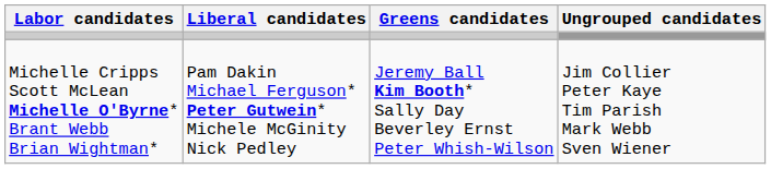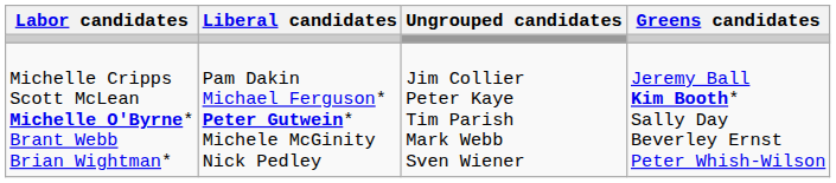 <table class="wikitable">
 <tr>
 <th><a href='#'>Labor</a> candidates</th>
 <th><a href='#'>Liberal</a> candidates</th>
+<th>Ungrouped candidates</th>
 <th><a href='#'>Greens</a> candidates</th>
-<th>Ungrouped candidates</th>
 </tr>
 <tr bgcolor="#cccccc">
 <td></td>
 <td></td>
+<td bgcolor="#999999"></td>
 <td></td>
-<td bgcolor="#999999"></td>
 </tr>
 <tr>
 <td><br>Michelle Cripps<br> Scott McLean<br> <strong><a href='#'>Michelle O'Byrne</a></strong>*<br> <a href='#'>Brant Webb</a><br> <a href='#'>Brian Wightman</a>*</td>
 <td><br>Pam Dakin<br> <a href='#'>Michael Ferguson</a>*<br> <strong><a href='#'>Peter Gutwein</a></strong>*<br> Michele McGinity<br> Nick Pedley</td>
+<td valign=top><br>Jim Collier<br> Peter Kaye<br> Tim Parish<br> Mark Webb<br> Sven Wiener</td>
 <td><br><a href='#'>Jeremy Ball</a><br> <strong><a href='#'>Kim Booth</a></strong>*<br> Sally Day<br> Beverley Ernst<br> <a href='#'>Peter Whish-Wilson</a></td>
-<td valign=top><br>Jim Collier<br> Peter Kaye<br> Tim Parish<br> Mark Webb<br> Sven Wiener</td>
 </tr>
 </table>
